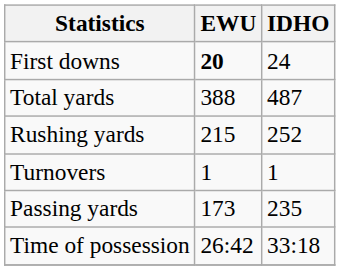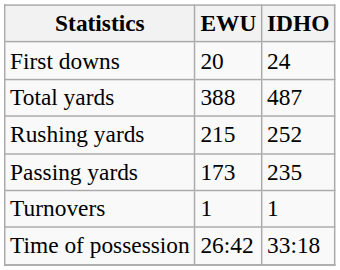 <table class="wikitable" style="float: left;">
 <tr>
 <th>Statistics</th>
 <th>EWU</th>
 <th>IDHO</th>
 </tr>
 <tr>
 <td>First downs</td>
-<td><strong>20</strong></td>
+<td>20</td>
 <td>24</td>
 </tr>
 <tr>
 <td>Total yards</td>
 <td>388</td>
 <td>487</td>
 </tr>
 <tr>
 <td>Rushing yards</td>
 <td>215</td>
 <td>252</td>
 </tr>
 <tr>
+<td>Passing yards</td>
+<td>173</td>
+<td>235</td>
+</tr>
+<tr>
 <td>Turnovers</td>
 <td>1</td>
 <td>1</td>
-</tr>
-<tr>
-<td>Passing yards</td>
-<td>173</td>
-<td>235</td>
 </tr>
 <tr>
 <td>Time of possession</td>
 <td>26:42</td>
 <td>33:18</td>
 </tr>
 <tr>
 </tr>
 </table>
